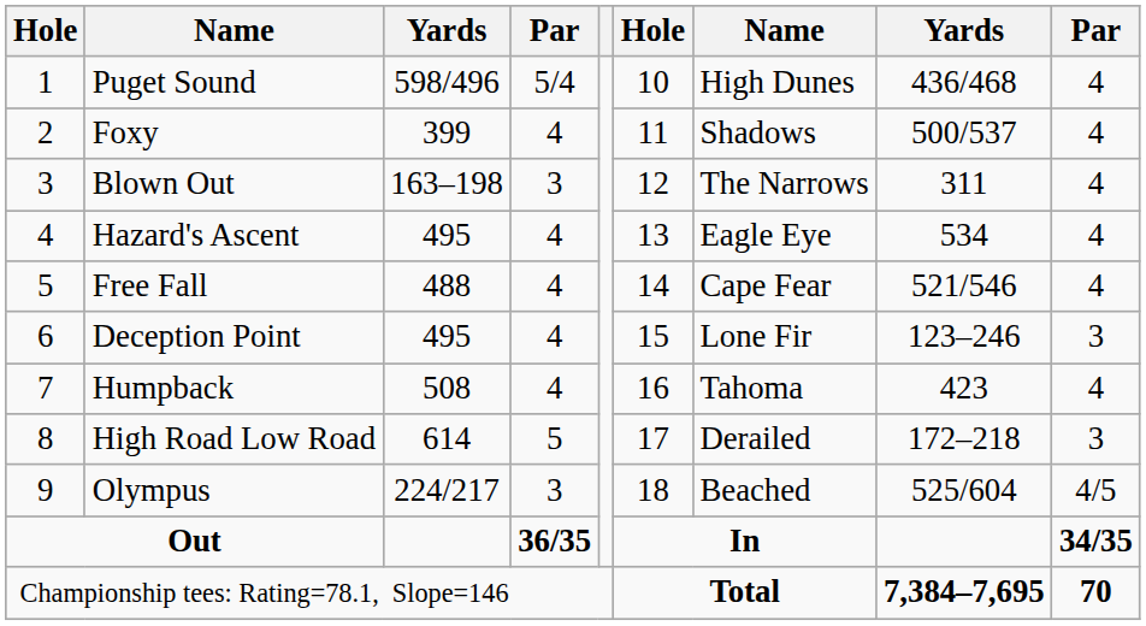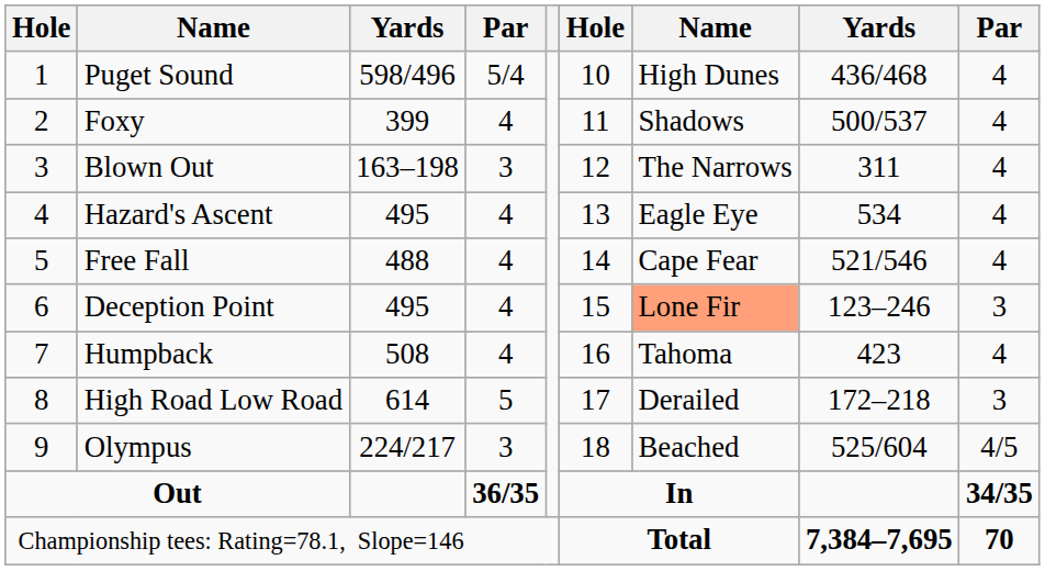 <table class=wikitable>
 <tr>
 <th>Hole</th>
 <th>Name</th>
 <th>Yards</th>
 <th>Par</th>
 <th></th>
 <th>Hole</th>
 <th>Name</th>
 <th>Yards</th>
 <th>Par</th>
 </tr>
 <tr>
 <td align=center>1</td>
 <td>Puget Sound</td>
 <td align=center>598/496</td>
 <td align=center>5/4</td>
 <td rowspan=10></td>
 <td align=center>10</td>
 <td>High Dunes</td>
 <td align=center>436/468</td>
 <td align=center>4</td>
 </tr>
 <tr>
 <td align=center>2</td>
 <td>Foxy</td>
 <td align=center>399</td>
 <td align=center>4</td>
 <td align=center>11</td>
 <td>Shadows</td>
 <td align=center>500/537</td>
 <td align=center>4</td>
 </tr>
 <tr>
 <td align=center>3</td>
 <td>Blown Out</td>
 <td align=center>163–198</td>
 <td align=center>3</td>
 <td align=center>12</td>
 <td>The Narrows</td>
 <td align=center>311</td>
 <td align=center>4</td>
 </tr>
 <tr>
 <td align=center>4</td>
 <td>Hazard's Ascent</td>
 <td align=center>495</td>
 <td align=center>4</td>
 <td align=center>13</td>
 <td>Eagle Eye</td>
 <td align=center>534</td>
 <td align=center>4</td>
 </tr>
 <tr>
 <td align=center>5</td>
 <td>Free Fall</td>
 <td align=center>488</td>
 <td align=center>4</td>
 <td align=center>14</td>
 <td>Cape Fear</td>
 <td align=center>521/546</td>
 <td align=center>4</td>
 </tr>
 <tr>
 <td align=center>6</td>
 <td>Deception Point</td>
 <td align=center>495</td>
 <td align=center>4</td>
 <td align=center>15</td>
-<td>Lone Fir</td>
+<td style="background: lightsalmon;">Lone Fir</td>
 <td align=center>123–246</td>
 <td align=center>3</td>
 </tr>
 <tr>
 <td align=center>7</td>
 <td>Humpback</td>
 <td align=center>508</td>
 <td align=center>4</td>
 <td align=center>16</td>
 <td>Tahoma</td>
 <td align=center>423</td>
 <td align=center>4</td>
 </tr>
 <tr>
 <td align=center>8</td>
 <td>High Road Low Road</td>
 <td align=center>614</td>
 <td align=center>5</td>
 <td align=center>17</td>
 <td>Derailed</td>
 <td align=center>172–218</td>
 <td align=center>3</td>
 </tr>
 <tr>
 <td align=center>9</td>
 <td>Olympus</td>
 <td align=center>224/217</td>
 <td align=center>3</td>
 <td align=center>18</td>
 <td>Beached</td>
 <td align=center>525/604</td>
 <td align=center>4/5</td>
 </tr>
 <tr>
 <td colspan=2 align=center><strong>Out</strong></td>
 <td></td>
 <td align=center><strong>36/35</strong></td>
 <td colspan=2 align=center><strong>In</strong></td>
 <td></td>
 <td align=center><strong>34/35</strong></td>
 </tr>
 <tr>
 <td colspan=5><small> Championship tees: Rating=78.1,  Slope=146</small></td>
 <td colspan=2 align=center><strong>Total</strong></td>
 <td align=center><strong>7,384–7,695</strong></td>
 <td align=center><strong>70</strong></td>
 </tr>
 </table>
